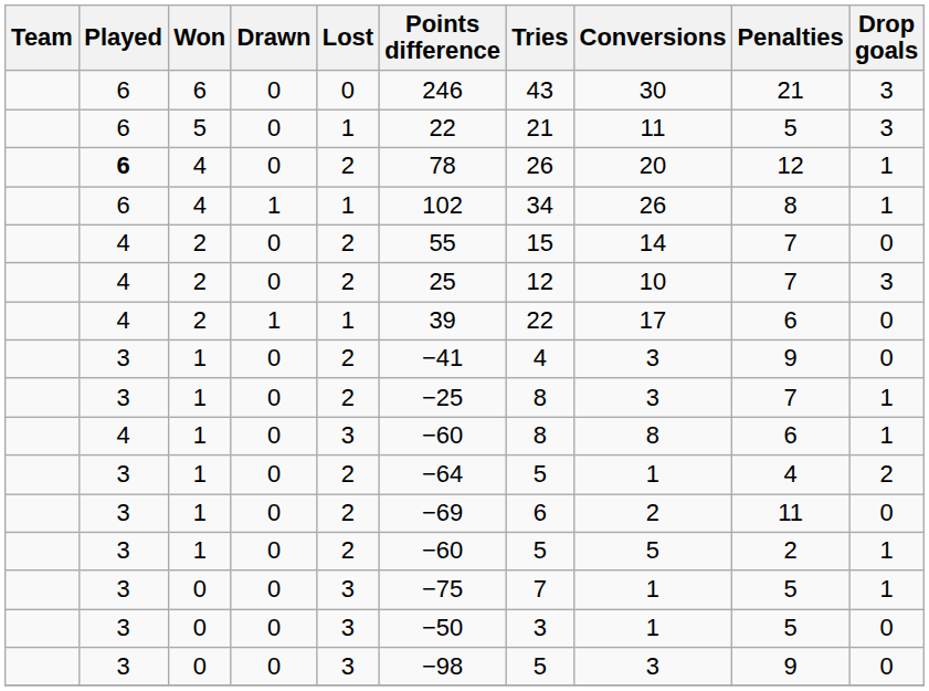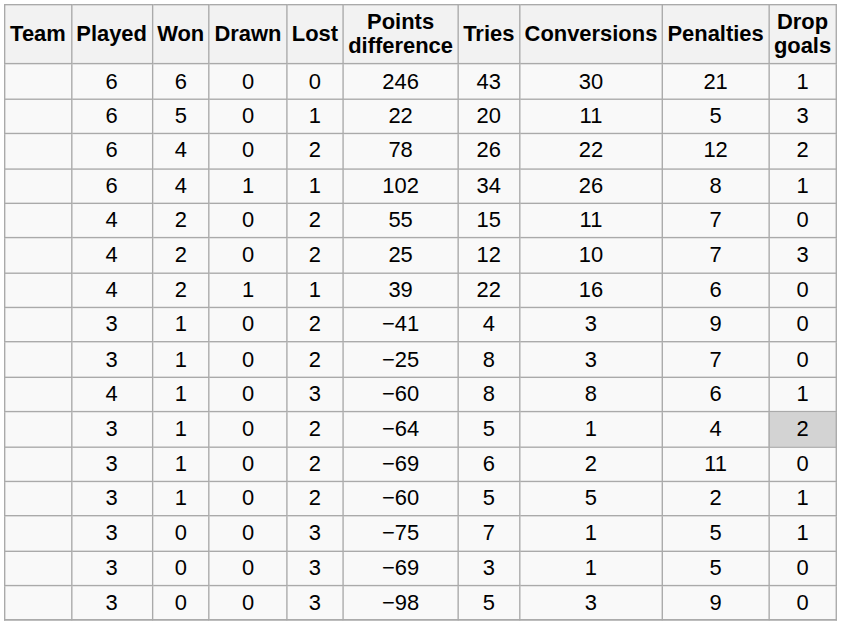 <table class="wikitable sortable" style="text-align:center">
 <tr>
 <th width=140>Team</th>
 <th width=60>Played</th>
 <th width=60>Won</th>
 <th width=60>Drawn</th>
 <th width=60>Lost</th>
 <th width=60>Points<br>difference</th>
 <th width=60>Tries</th>
 <th width=60>Conversions</th>
 <th width=60>Penalties</th>
 <th width=60>Drop goals</th>
 </tr>
 <tr>
 <td align=left></td>
 <td>6</td>
 <td>6</td>
 <td>0</td>
 <td>0</td>
 <td>246</td>
 <td>43</td>
 <td>30</td>
 <td>21</td>
-<td>3</td>
+<td>1</td>
 </tr>
 <tr>
 <td align=left></td>
 <td>6</td>
 <td>5</td>
 <td>0</td>
 <td>1</td>
 <td>22</td>
-<td>21</td>
+<td>20</td>
 <td>11</td>
 <td>5</td>
 <td>3</td>
 </tr>
 <tr>
 <td align=left></td>
-<td><strong>6</strong></td>
+<td>6</td>
 <td>4</td>
 <td>0</td>
 <td>2</td>
 <td>78</td>
 <td>26</td>
-<td>20</td>
+<td>22</td>
 <td>12</td>
-<td>1</td>
+<td>2</td>
 </tr>
 <tr>
 <td align=left></td>
 <td>6</td>
 <td>4</td>
 <td>1</td>
 <td>1</td>
 <td>102</td>
 <td>34</td>
 <td>26</td>
 <td>8</td>
 <td>1</td>
 </tr>
 <tr>
 <td align=left></td>
 <td>4</td>
 <td>2</td>
 <td>0</td>
 <td>2</td>
 <td>55</td>
 <td>15</td>
-<td>14</td>
+<td>11</td>
 <td>7</td>
 <td>0</td>
 </tr>
 <tr>
 <td align=left></td>
 <td>4</td>
 <td>2</td>
 <td>0</td>
 <td>2</td>
 <td>25</td>
 <td>12</td>
 <td>10</td>
 <td>7</td>
 <td>3</td>
 </tr>
 <tr>
 <td align=left></td>
 <td>4</td>
 <td>2</td>
 <td>1</td>
 <td>1</td>
 <td>39</td>
 <td>22</td>
-<td>17</td>
+<td>16</td>
 <td>6</td>
 <td>0</td>
 </tr>
 <tr>
 <td align=left></td>
 <td>3</td>
 <td>1</td>
 <td>0</td>
 <td>2</td>
 <td>−41</td>
 <td>4</td>
 <td>3</td>
 <td>9</td>
 <td>0</td>
 </tr>
 <tr>
 <td align=left></td>
 <td>3</td>
 <td>1</td>
 <td>0</td>
 <td>2</td>
 <td>−25</td>
 <td>8</td>
 <td>3</td>
 <td>7</td>
-<td>1</td>
+<td>0</td>
 </tr>
 <tr>
 <td align=left></td>
 <td>4</td>
 <td>1</td>
 <td>0</td>
 <td>3</td>
 <td>−60</td>
 <td>8</td>
 <td>8</td>
 <td>6</td>
 <td>1</td>
 </tr>
 <tr>
 <td align=left></td>
 <td>3</td>
 <td>1</td>
 <td>0</td>
 <td>2</td>
 <td>−64</td>
 <td>5</td>
 <td>1</td>
 <td>4</td>
-<td>2</td>
+<td style="background: lightgrey;">2</td>
 </tr>
 <tr>
 <td align=left></td>
 <td>3</td>
 <td>1</td>
 <td>0</td>
 <td>2</td>
 <td>−69</td>
 <td>6</td>
 <td>2</td>
 <td>11</td>
 <td>0</td>
 </tr>
 <tr>
 <td align=left></td>
 <td>3</td>
 <td>1</td>
 <td>0</td>
 <td>2</td>
 <td>−60</td>
 <td>5</td>
 <td>5</td>
 <td>2</td>
 <td>1</td>
 </tr>
 <tr>
 <td align=left></td>
 <td>3</td>
 <td>0</td>
 <td>0</td>
 <td>3</td>
 <td>−75</td>
 <td>7</td>
 <td>1</td>
 <td>5</td>
 <td>1</td>
 </tr>
 <tr>
 <td align=left></td>
 <td>3</td>
 <td>0</td>
 <td>0</td>
 <td>3</td>
-<td>−50</td>
+<td>−69</td>
 <td>3</td>
 <td>1</td>
 <td>5</td>
 <td>0</td>
 </tr>
 <tr>
 <td align=left></td>
 <td>3</td>
 <td>0</td>
 <td>0</td>
 <td>3</td>
 <td>−98</td>
 <td>5</td>
 <td>3</td>
 <td>9</td>
 <td>0</td>
 </tr>
 <tr>
 </tr>
 </table>
